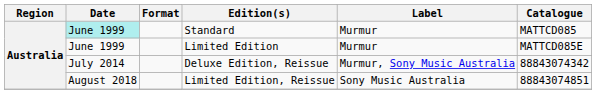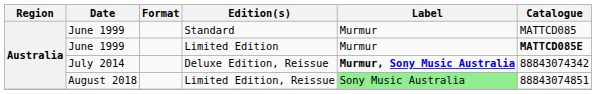 <table class="wikitable plainrowheaders">
 <tr>
 <th scope="col">Region</th>
 <th scope="col">Date</th>
 <th scope="col">Format</th>
 <th scope="col">Edition(s)</th>
 <th scope="col">Label</th>
 <th scope="col">Catalogue</th>
 </tr>
 <tr>
 <th scope="row" rowspan="4">Australia</th>
-<td style="background: paleturquoise;">June 1999</td>
+<td>June 1999</td>
 <td></td>
 <td>Standard</td>
 <td>Murmur</td>
 <td>MATTCD085</td>
 </tr>
 <tr>
 <td>June 1999</td>
 <td></td>
 <td>Limited Edition</td>
 <td>Murmur</td>
-<td>MATTCD085E</td>
+<td><strong>MATTCD085E</strong></td>
 </tr>
 <tr>
 <td>July 2014</td>
 <td></td>
 <td>Deluxe Edition, Reissue</td>
-<td>Murmur, <a href='#'>Sony Music Australia</a></td>
+<td><strong>Murmur, <a href='#'>Sony Music Australia</a></strong></td>
 <td>88843074342</td>
 </tr>
 <tr>
 <td>August 2018</td>
 <td></td>
 <td>Limited Edition, Reissue</td>
-<td>Sony Music Australia</td>
+<td style="background: lightgreen;">Sony Music Australia</td>
 <td>88843074851</td>
 </tr>
 <tr>
 </tr>
 </table>
